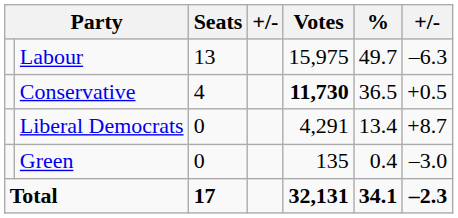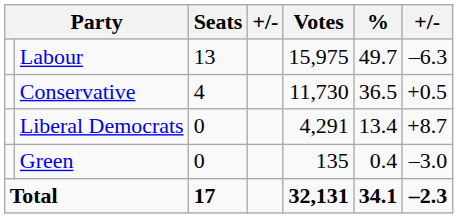 <table class="wikitable sortable">
 <tr>
 <th colspan="2">Party</th>
 <th>Seats</th>
 <th>+/-</th>
 <th>Votes</th>
 <th>%</th>
 <th>+/-</th>
 </tr>
 <tr>
 <td style="background-color: "></td>
 <td><a href='#'>Labour</a></td>
 <td>13</td>
 <td></td>
 <td style="text-align:right;">15,975</td>
 <td style="text-align:right;">49.7</td>
 <td style="text-align:right;">–6.3</td>
 </tr>
 <tr>
 <td style="background-color: "></td>
 <td><a href='#'>Conservative</a></td>
 <td>4</td>
 <td></td>
-<td style="text-align:right;"><strong>11,730</strong></td>
+<td style="text-align:right;">11,730</td>
 <td style="text-align:right;">36.5</td>
 <td style="text-align:right;">+0.5</td>
 </tr>
 <tr>
 <td style="background-color: "></td>
 <td><a href='#'>Liberal Democrats</a></td>
 <td>0</td>
 <td></td>
 <td style="text-align:right;">4,291</td>
 <td style="text-align:right;">13.4</td>
 <td style="text-align:right;">+8.7</td>
 </tr>
 <tr>
 <td style="background-color: "></td>
 <td><a href='#'>Green</a></td>
 <td>0</td>
 <td></td>
 <td style="text-align:right;">135</td>
 <td style="text-align:right;">0.4</td>
 <td style="text-align:right;">–3.0</td>
 </tr>
 <tr>
 <td colspan="2"><strong>Total</strong></td>
 <td><strong>17</strong></td>
 <td></td>
 <td style="text-align:right;"><strong>32,131</strong></td>
 <td style="text-align:right;"><strong>34.1</strong></td>
 <td style="text-align:right;"><strong>–2.3</strong></td>
 </tr>
 </table>
